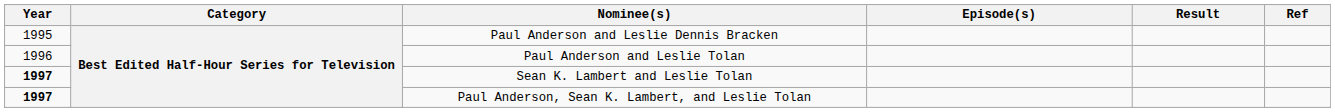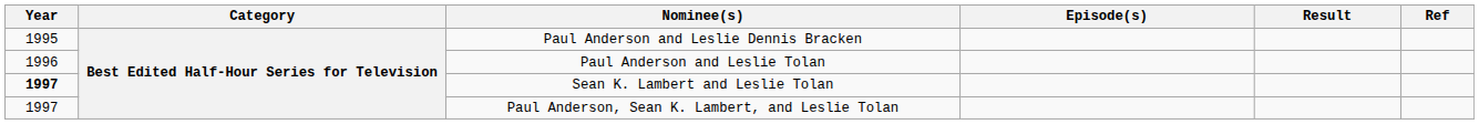 <table class="wikitable plainrowheaders" style="font-size: 90%; text-align:center" width=100%>
 <tr>
 <th scope="col" width="5%">Year</th>
 <th scope="col" width="25%">Category</th>
 <th scope="col" width="35%">Nominee(s)</th>
 <th scope="col" width="20%">Episode(s)</th>
 <th scope="col" width="10%">Result</th>
 <th scope="col" width="5%">Ref</th>
 </tr>
 <tr>
 <td>1995</td>
 <th scope="row" style="text-align:center" rowspan="4">Best Edited Half-Hour Series for Television</th>
 <td>Paul Anderson and Leslie Dennis Bracken</td>
 <td></td>
 <td></td>
 <td></td>
 </tr>
 <tr>
 <td>1996</td>
 <td>Paul Anderson and Leslie Tolan</td>
 <td></td>
 <td></td>
 <td></td>
 </tr>
 <tr>
 <td><strong>1997</strong></td>
 <td>Sean K. Lambert and Leslie Tolan</td>
 <td></td>
 <td></td>
 <td></td>
 </tr>
 <tr>
-<td><strong>1997</strong></td>
+<td>1997</td>
 <td>Paul Anderson, Sean K. Lambert, and Leslie Tolan</td>
 <td></td>
 <td></td>
 <td></td>
 </tr>
 </table>
